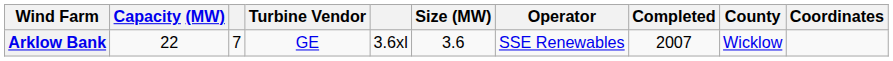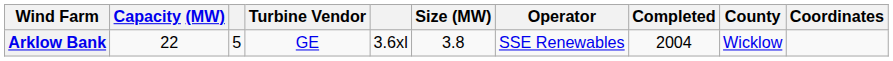 <table class="wikitable sortable" style="text-align: center;">
 <tr>
 <th scope="col">Wind Farm</th>
 <th scope="col"><a href='#'>Capacity</a> <a href='#'>(MW)</a></th>
 <th scope="col"></th>
 <th scope="col">Turbine Vendor</th>
 <th scope="col"></th>
 <th scope="col">Size (MW)</th>
 <th scope="col">Operator</th>
 <th scope="col">Completed</th>
 <th scope="col">County</th>
 <th scope="col" class="unsortable">Coordinates</th>
 </tr>
 <tr>
 <th><a href='#'>Arklow Bank</a></th>
 <td>22</td>
-<td>7</td>
+<td>5</td>
 <td><a href='#'>GE</a></td>
 <td>3.6xl</td>
-<td>3.6</td>
+<td>3.8</td>
 <td><a href='#'>SSE Renewables</a></td>
-<td>2007</td>
+<td>2004</td>
 <td><a href='#'>Wicklow</a></td>
 <td></td>
 </tr>
 </table>
